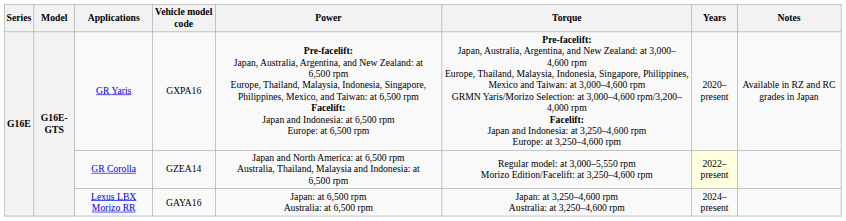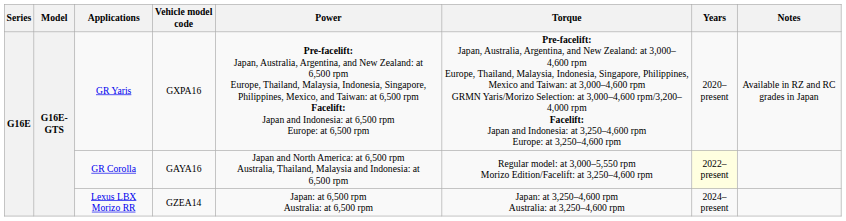 <table class="wikitable" style="text-align:center; font-size:90%;">
 <tr>
 <th>Series</th>
 <th>Model</th>
 <th>Applications</th>
 <th>Vehicle model code</th>
 <th>Power</th>
 <th>Torque</th>
 <th>Years</th>
 <th>Notes</th>
 </tr>
 <tr>
 <th rowspan="3">G16E</th>
 <th rowspan="3">G16E-GTS</th>
 <td><a href='#'>GR Yaris</a></td>
 <td>GXPA16</td>
 <td><strong>Pre-facelift:</strong><br>Japan, Australia, Argentina, and New Zealand:  at 6,500 rpm<br>Europe, Thailand, Malaysia, Indonesia, Singapore, Philippines, Mexico, and Taiwan:  at 6,500 rpm<br><strong>Facelift:</strong><br>Japan and Indonesia:  at 6,500 rpm<br>Europe:  at 6,500 rpm</td>
 <td><strong>Pre-facelift:</strong><br>Japan, Australia, Argentina, and New Zealand:  at 3,000–4,600 rpm<br>Europe, Thailand, Malaysia, Indonesia, Singapore, Philippines, Mexico and Taiwan:  at 3,000–4,600 rpm<br>GRMN Yaris/Morizo Selection:  at 3,000–4,600 rpm/3,200–4,000 rpm<br><strong>Facelift:</strong><br>Japan and Indonesia:  at 3,250–4,600 rpm<br>Europe:  at 3,250–4,600 rpm</td>
 <td>2020–present</td>
 <td>Available in RZ and RC grades in Japan</td>
 </tr>
 <tr>
 <td><a href='#'>GR Corolla</a></td>
-<td>GZEA14</td>
+<td>GAYA16</td>
 <td>Japan and North America:  at 6,500 rpm<br>Australia, Thailand, Malaysia and Indonesia:  at 6,500 rpm</td>
 <td>Regular model:  at 3,000–5,550 rpm<br>Morizo Edition/Facelift:  at 3,250–4,600 rpm</td>
 <td style="background: lightyellow;">2022–present</td>
 <td></td>
 </tr>
 <tr>
 <td><a href='#'>Lexus LBX Morizo RR</a></td>
-<td>GAYA16</td>
+<td>GZEA14</td>
 <td>Japan:  at 6,500 rpm<br>Australia:  at 6,500 rpm</td>
 <td>Japan:  at 3,250–4,600 rpm<br>Australia:  at 3,250–4,600 rpm</td>
 <td>2024–present</td>
 <td></td>
 </tr>
 </table>
